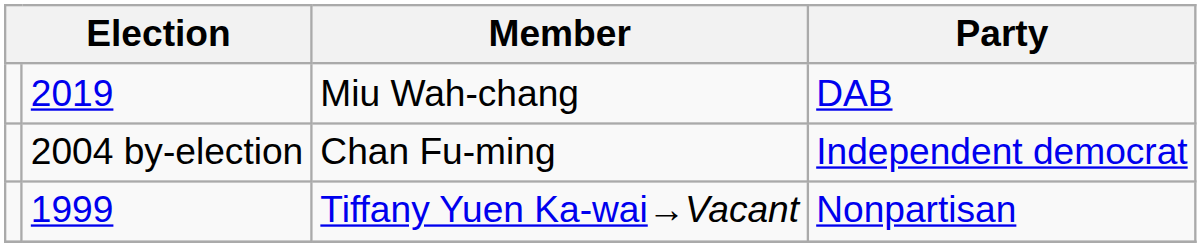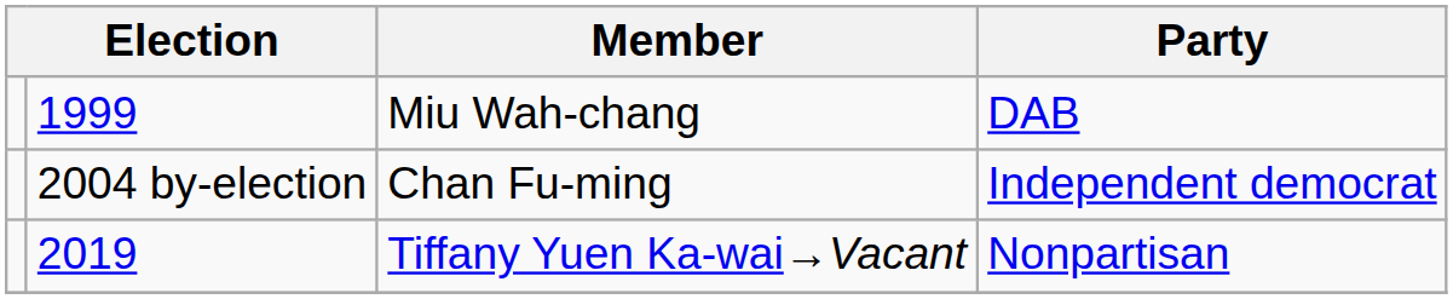 <table class="wikitable">
 <tr>
 <th colspan="2">Election</th>
 <th>Member</th>
 <th>Party</th>
 </tr>
 <tr>
 <td style="background-color: "></td>
-<td><a href='#'>2019</a></td>
+<td><a href='#'>1999</a></td>
 <td>Miu Wah-chang</td>
 <td><a href='#'>DAB</a></td>
 </tr>
 <tr>
 <td style="background-color: "></td>
 <td>2004 by-election</td>
 <td>Chan Fu-ming</td>
 <td><a href='#'>Independent democrat</a></td>
 </tr>
 <tr>
 <td style="background-color: "></td>
-<td><a href='#'>1999</a></td>
+<td><a href='#'>2019</a></td>
 <td><a href='#'>Tiffany Yuen Ka-wai</a>→<em>Vacant</em></td>
 <td><a href='#'>Nonpartisan</a></td>
 </tr>
 <tr>
 </tr>
 </table>
